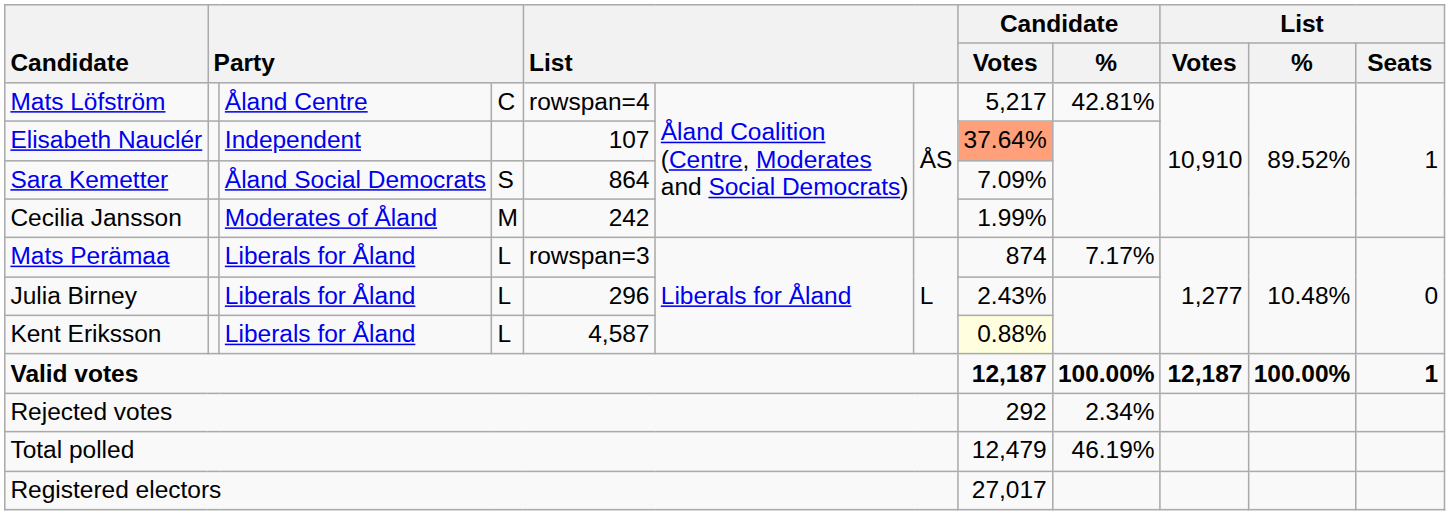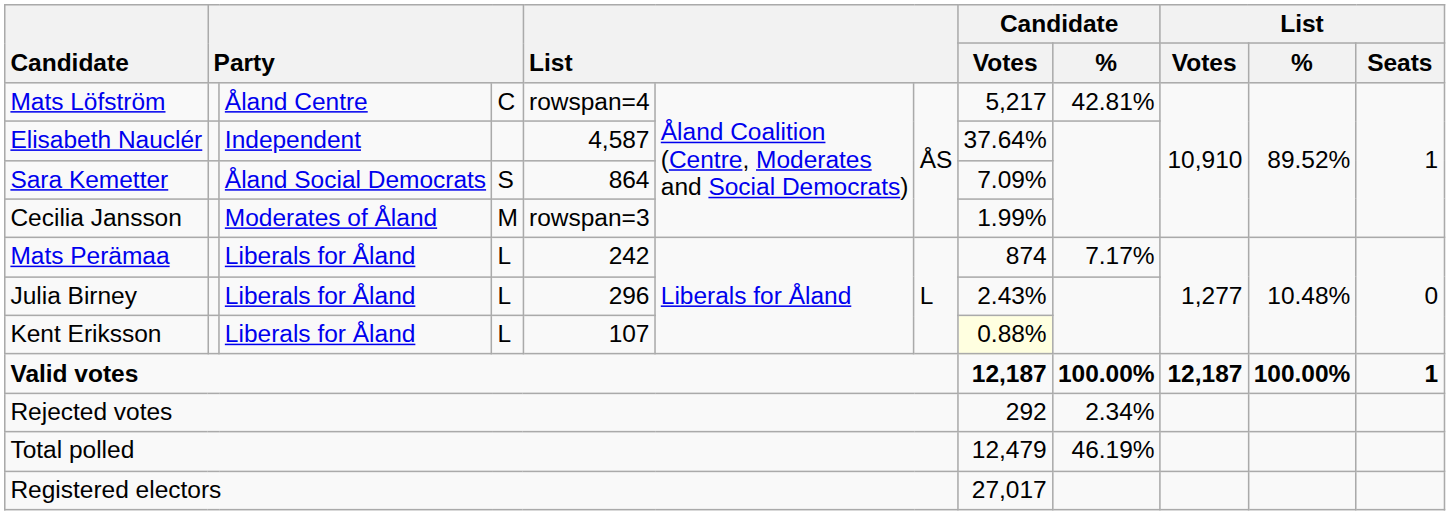 <table class="wikitable" border="1" style="text-align:right;">
 <tr>
 <th ! style="text-align:left;" valign=bottom rowspan=2>Candidate</th>
 <th style="text-align:left;" valign=bottom rowspan=2 colspan=3>Party</th>
 <th style="text-align:left;" valign=bottom rowspan=2 colspan=3>List</th>
 <th colspan=2>Candidate</th>
 <th colspan=3>List</th>
 </tr>
 <tr>
 <th align=center valign=bottom width="50">Votes</th>
 <th align=center valign=bottom width="50">%</th>
 <th align=center valign=bottom width="50">Votes</th>
 <th align=center valign=bottom width="50">%</th>
 <th align=center valign=bottom width="50">Seats</th>
 </tr>
 <tr>
 <td align=left><a href='#'>Mats Löfström</a></td>
 <td></td>
 <td align=left><a href='#'>Åland Centre</a></td>
 <td align=left>C</td>
 <td>rowspan=4 </td>
 <td rowspan=4 align=left><a href='#'>Åland Coalition</a><br>(<a href='#'>Centre</a>, <a href='#'>Moderates</a><br>and <a href='#'>Social Democrats</a>)</td>
 <td rowspan=4 align=left>ÅS</td>
 <td>5,217</td>
 <td>42.81%</td>
 <td rowspan=4>10,910</td>
 <td rowspan=4>89.52%</td>
 <td rowspan=4>1</td>
 </tr>
 <tr>
 <td align=left><a href='#'>Elisabeth Nauclér</a></td>
 <td></td>
 <td align=left><a href='#'>Independent</a></td>
 <td></td>
-<td>107</td>
-<td style="background: lightsalmon;">37.64%</td>
+<td>4,587</td>
+<td>37.64%</td>
 </tr>
 <tr>
 <td align=left><a href='#'>Sara Kemetter</a></td>
 <td></td>
 <td align=left><a href='#'>Åland Social Democrats</a></td>
 <td align=left>S</td>
 <td>864</td>
 <td>7.09%</td>
 </tr>
 <tr>
 <td align=left>Cecilia Jansson</td>
 <td></td>
 <td align=left><a href='#'>Moderates of Åland</a></td>
 <td align=left>M</td>
-<td>242</td>
+<td>rowspan=3 </td>
 <td>1.99%</td>
 </tr>
 <tr>
 <td align=left><a href='#'>Mats Perämaa</a></td>
 <td></td>
 <td align=left><a href='#'>Liberals for Åland</a></td>
 <td align=left>L</td>
-<td>rowspan=3 </td>
+<td>242</td>
 <td rowspan=3 align=left><a href='#'>Liberals for Åland</a></td>
 <td rowspan=3 align=left>L</td>
 <td>874</td>
 <td>7.17%</td>
 <td rowspan=3>1,277</td>
 <td rowspan=3>10.48%</td>
 <td rowspan=3>0</td>
 </tr>
 <tr>
 <td align=left>Julia Birney</td>
 <td></td>
 <td align=left><a href='#'>Liberals for Åland</a></td>
 <td align=left>L</td>
 <td>296</td>
 <td>2.43%</td>
 </tr>
 <tr>
 <td align=left>Kent Eriksson</td>
 <td></td>
 <td align=left><a href='#'>Liberals for Åland</a></td>
 <td align=left>L</td>
-<td>4,587</td>
+<td>107</td>
 <td style="background: lightyellow;">0.88%</td>
 </tr>
 <tr style="font-weight:bold">
 <td align=left colspan=7>Valid votes</td>
 <td>12,187</td>
 <td>100.00%</td>
 <td>12,187</td>
 <td>100.00%</td>
 <td>1</td>
 </tr>
 <tr>
 <td align=left colspan=7>Rejected votes</td>
 <td>292</td>
 <td>2.34%</td>
 <td></td>
 <td></td>
 <td></td>
 </tr>
 <tr>
 <td align=left colspan=7>Total polled</td>
 <td>12,479</td>
 <td>46.19%</td>
 <td></td>
 <td></td>
 <td></td>
 </tr>
 <tr>
 <td align=left colspan=7>Registered electors</td>
 <td>27,017</td>
 <td></td>
 <td></td>
 <td></td>
 <td></td>
 </tr>
 </table>
